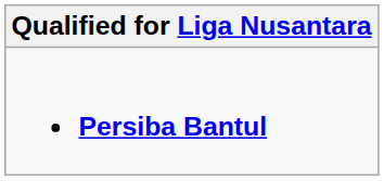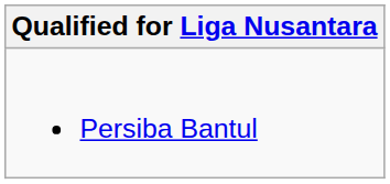 <table class="wikitable">
 <tr style="vertical-align:top">
 <th> Qualified for <a href='#'>Liga Nusantara</a></th>
 </tr>
 <tr>
-<td><strong><br><ul><li><a href='#'>Persiba Bantul</a></li></ul></strong></td>
+<td><br><ul><li><a href='#'>Persiba Bantul</a></li></ul></td>
 </tr>
 </table>
